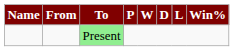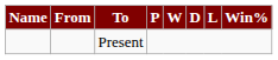 <table class="wikitable sortable" style="text-align: center;">
 <tr>
 <th style="background:maroon; color:white;" scope="col">Name</th>
 <th style="background:maroon; color:white;" scope="col">From</th>
 <th style="background:maroon; color:white;" scope="col">To</th>
 <th style="background:maroon; color:white;" scope="col">P</th>
 <th style="background:maroon; color:white;" scope="col">W</th>
 <th style="background:maroon; color:white;" scope="col">D</th>
 <th style="background:maroon; color:white;" scope="col">L</th>
 <th style="background:maroon; color:white;" scope="col">Win%</th>
 </tr>
 <tr>
 <td align=left></td>
 <td></td>
-<td style="background: lightgreen;">Present<br></td>
+<td>Present<br></td>
 </tr>
 </table>
